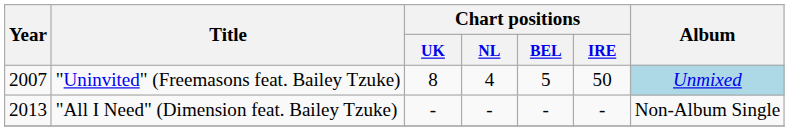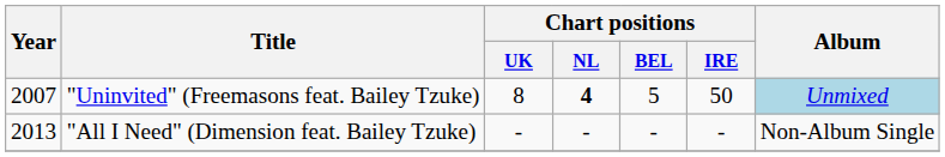 <table class="wikitable">
 <tr>
 <th rowspan="2">Year</th>
 <th rowspan="2">Title</th>
 <th colspan="4">Chart positions</th>
 <th rowspan="2">Album</th>
 </tr>
 <tr>
 <th width="40"><small><a href='#'>UK</a></small></th>
 <th width="40"><small><a href='#'>NL</a></small></th>
 <th width="40"><small><a href='#'>BEL</a></small></th>
 <th width="40"><small><a href='#'>IRE</a></small></th>
 </tr>
 <tr>
 <td align="center" rowspan="1">2007</td>
 <td align="left">"<a href='#'>Uninvited</a>" (Freemasons feat. Bailey Tzuke)</td>
 <td align="center">8</td>
-<td align="center">4</td>
+<td align="center"><strong>4</strong></td>
 <td align="center">5</td>
 <td align="center">50</td>
 <td align="center" rowspan="1" style="background: lightblue;"><em><a href='#'>Unmixed</a></em></td>
 </tr>
 <tr>
 <td align="center" rowspan="1">2013</td>
 <td align="left">"All I Need" (Dimension feat. Bailey Tzuke)</td>
 <td align="center">-</td>
 <td align="center">-</td>
 <td align="center">-</td>
 <td align="center">-</td>
 <td align="center" rowspan="1">Non-Album Single</td>
 </tr>
 <tr>
 </tr>
 </table>
